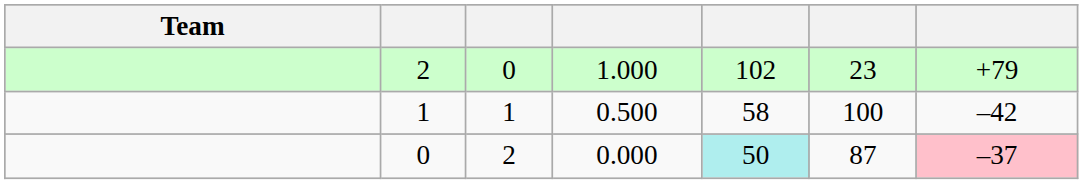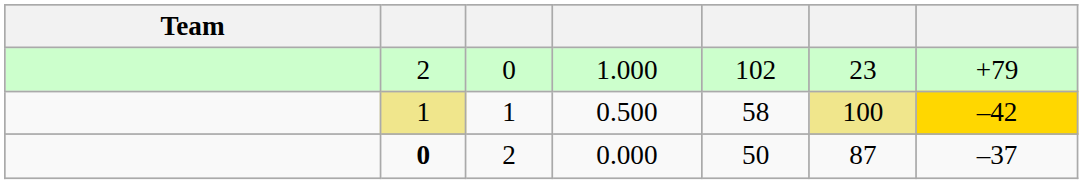 <table class="wikitable" style="text-align:center; width:50%">
 <tr>
 <th width="35%">Team</th>
 <th width="8%"></th>
 <th width="8%"></th>
 <th width="14%"></th>
 <th width="10%"></th>
 <th width="10%"></th>
 <th width="15%"></th>
 </tr>
 <tr style="background:#CCFFCC;">
 <td style="text-align:left;"></td>
 <td>2</td>
 <td>0</td>
 <td>1.000</td>
 <td>102</td>
 <td>23</td>
 <td>+79</td>
 </tr>
 <tr>
 <td style="text-align:left;"></td>
-<td>1</td>
+<td style="background: khaki;">1</td>
 <td>1</td>
 <td>0.500</td>
 <td>58</td>
-<td>100</td>
-<td>–42</td>
+<td style="background: khaki;">100</td>
+<td style="background: gold;">–42</td>
 </tr>
 <tr>
 <td style="text-align:left;"></td>
-<td>0</td>
+<td><strong>0</strong></td>
 <td>2</td>
 <td>0.000</td>
-<td style="background: paleturquoise;">50</td>
+<td>50</td>
 <td>87</td>
-<td style="background: pink;">–37</td>
+<td>–37</td>
 </tr>
 </table>
